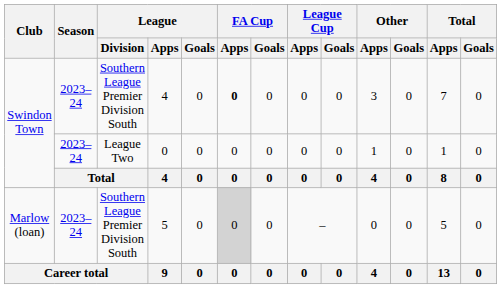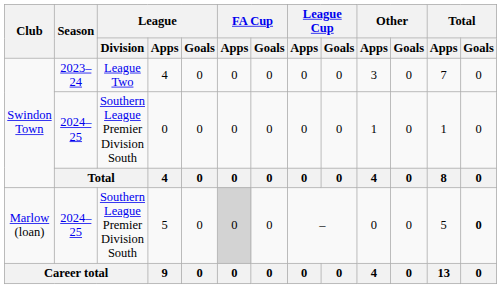 <table class="wikitable" style="text-align:center">
 <tr>
 <th rowspan="2">Club</th>
 <th rowspan="2">Season</th>
 <th colspan="3">League</th>
 <th colspan="2"><a href='#'>FA Cup</a></th>
 <th colspan="2"><a href='#'>League Cup</a></th>
 <th colspan="2">Other</th>
 <th colspan="2">Total</th>
 </tr>
 <tr>
 <th>Division</th>
 <th>Apps</th>
 <th>Goals</th>
 <th>Apps</th>
 <th>Goals</th>
 <th>Apps</th>
 <th>Goals</th>
 <th>Apps</th>
 <th>Goals</th>
 <th>Apps</th>
 <th>Goals</th>
 </tr>
 <tr>
 <td rowspan="3"><a href='#'>Swindon Town</a></td>
 <td><a href='#'>2023–24</a></td>
-<td><a href='#'>Southern League</a> Premier Division South</td>
+<td><a href='#'>League Two</a></td>
 <td>4</td>
 <td>0</td>
-<td><strong>0</strong></td>
+<td>0</td>
 <td>0</td>
 <td>0</td>
 <td>0</td>
 <td>3</td>
 <td>0</td>
 <td>7</td>
 <td>0</td>
 </tr>
 <tr>
-<td><a href='#'>2023–24</a></td>
-<td>League Two</td>
+<td><a href='#'>2024–25</a></td>
+<td><a href='#'>Southern League</a> Premier Division South</td>
 <td>0</td>
 <td>0</td>
 <td>0</td>
 <td>0</td>
 <td>0</td>
 <td>0</td>
 <td>1</td>
 <td>0</td>
 <td>1</td>
 <td>0</td>
 </tr>
 <tr>
 <th colspan=2>Total</th>
 <th>4</th>
 <th>0</th>
 <th>0</th>
 <th>0</th>
 <th>0</th>
 <th>0</th>
 <th>4</th>
 <th>0</th>
 <th>8</th>
 <th>0</th>
 </tr>
 <tr>
 <td><a href='#'>Marlow</a> (loan)</td>
-<td><a href='#'>2023–24</a></td>
+<td><a href='#'>2024–25</a></td>
 <td><a href='#'>Southern League</a> Premier Division South</td>
 <td>5</td>
 <td>0</td>
 <td style="background: lightgrey;">0</td>
 <td>0</td>
 <td colspan="2">–</td>
 <td>0</td>
 <td>0</td>
 <td>5</td>
-<td>0</td>
+<td><strong>0</strong></td>
 </tr>
 <tr>
 <th colspan=3>Career total</th>
 <th>9</th>
 <th>0</th>
 <th>0</th>
 <th>0</th>
 <th>0</th>
 <th>0</th>
 <th>4</th>
 <th>0</th>
 <th>13</th>
 <th>0</th>
 </tr>
 </table>
